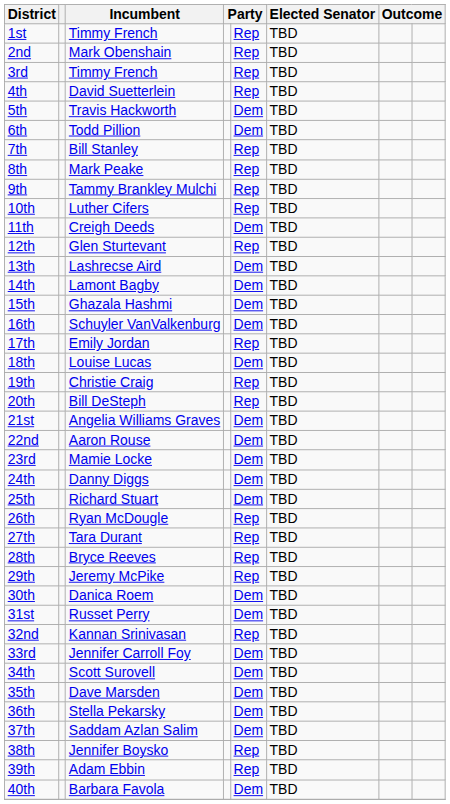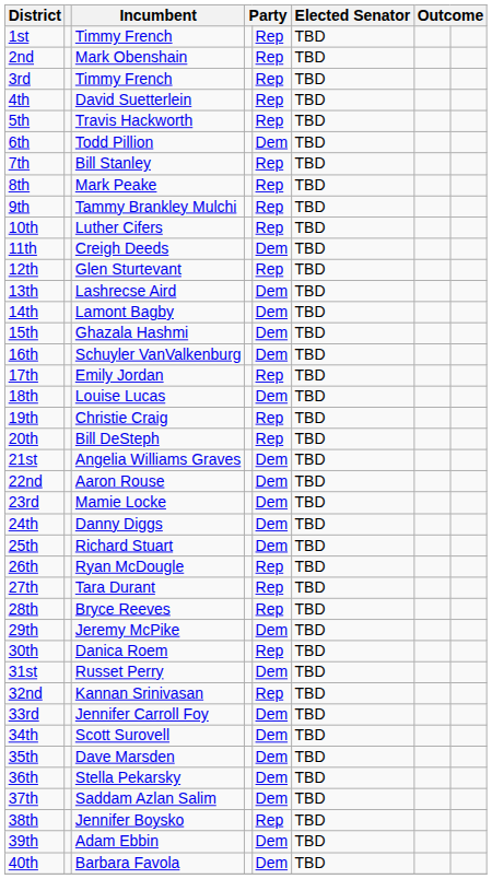 <table class="sortable wikitable" style="font-size:95%;line-height:14px;">
 <tr>
 <th>District</th>
 <th></th>
 <th>Incumbent</th>
 <th colspan="2">Party</th>
 <th>Elected Senator</th>
 <th colspan="2">Outcome</th>
 </tr>
 <tr>
 <td><a href='#'>1st</a></td>
 <td></td>
 <td><a href='#'>Timmy French</a></td>
 <td style="background:"></td>
 <td><a href='#'>Rep</a></td>
 <td>TBD</td>
 <td></td>
 <td></td>
 </tr>
 <tr>
 <td><a href='#'>2nd</a></td>
 <td></td>
 <td><a href='#'>Mark Obenshain</a></td>
 <td style="background:"></td>
 <td><a href='#'>Rep</a></td>
 <td>TBD</td>
 <td></td>
 <td></td>
 </tr>
 <tr>
 <td><a href='#'>3rd</a></td>
 <td></td>
 <td><a href='#'>Timmy French</a></td>
 <td style="background:"></td>
 <td><a href='#'>Rep</a></td>
 <td>TBD</td>
 <td></td>
 <td></td>
 </tr>
 <tr>
 <td><a href='#'>4th</a></td>
 <td></td>
 <td><a href='#'>David Suetterlein</a></td>
 <td style="background:"></td>
 <td><a href='#'>Rep</a></td>
 <td>TBD</td>
 <td></td>
 <td></td>
 </tr>
 <tr>
 <td><a href='#'>5th</a></td>
 <td></td>
 <td><a href='#'>Travis Hackworth</a></td>
 <td style="background:"></td>
-<td><a href='#'>Dem</a></td>
+<td><a href='#'>Rep</a></td>
 <td>TBD</td>
 <td></td>
 <td></td>
 </tr>
 <tr>
 <td><a href='#'>6th</a></td>
 <td></td>
 <td><a href='#'>Todd Pillion</a></td>
 <td style="background:"></td>
 <td><a href='#'>Dem</a></td>
 <td>TBD</td>
 <td></td>
 <td></td>
 </tr>
 <tr>
 <td><a href='#'>7th</a></td>
 <td></td>
 <td><a href='#'>Bill Stanley</a></td>
 <td style="background:"></td>
 <td><a href='#'>Rep</a></td>
 <td>TBD</td>
 <td></td>
 <td></td>
 </tr>
 <tr>
 <td><a href='#'>8th</a></td>
 <td></td>
 <td><a href='#'>Mark Peake</a></td>
 <td style="background:"></td>
 <td><a href='#'>Rep</a></td>
 <td>TBD</td>
 <td></td>
 <td></td>
 </tr>
 <tr>
 <td><a href='#'>9th</a></td>
 <td></td>
 <td><a href='#'>Tammy Brankley Mulchi</a></td>
 <td style="background:"></td>
 <td><a href='#'>Rep</a></td>
 <td>TBD</td>
 <td></td>
 <td></td>
 </tr>
 <tr>
 <td><a href='#'>10th</a></td>
 <td></td>
 <td><a href='#'>Luther Cifers</a></td>
 <td style="background:"></td>
 <td><a href='#'>Rep</a></td>
 <td>TBD</td>
 <td></td>
 <td></td>
 </tr>
 <tr>
 <td><a href='#'>11th</a></td>
 <td></td>
 <td><a href='#'>Creigh Deeds</a></td>
 <td style="background:"></td>
 <td><a href='#'>Dem</a></td>
 <td>TBD</td>
 <td></td>
 <td></td>
 </tr>
 <tr>
 <td><a href='#'>12th</a></td>
 <td></td>
 <td><a href='#'>Glen Sturtevant</a></td>
 <td style="background:"></td>
 <td><a href='#'>Rep</a></td>
 <td>TBD</td>
 <td></td>
 <td></td>
 </tr>
 <tr>
 <td><a href='#'>13th</a></td>
 <td></td>
 <td><a href='#'>Lashrecse Aird</a></td>
 <td style="background:"></td>
 <td><a href='#'>Dem</a></td>
 <td>TBD</td>
 <td></td>
 <td></td>
 </tr>
 <tr>
 <td><a href='#'>14th</a></td>
 <td></td>
 <td><a href='#'>Lamont Bagby</a></td>
 <td style="background:"></td>
 <td><a href='#'>Dem</a></td>
 <td>TBD</td>
 <td></td>
 <td></td>
 </tr>
 <tr>
 <td><a href='#'>15th</a></td>
 <td></td>
 <td><a href='#'>Ghazala Hashmi</a></td>
 <td style="background:"></td>
 <td><a href='#'>Dem</a></td>
 <td>TBD</td>
 <td></td>
 <td></td>
 </tr>
 <tr>
 <td><a href='#'>16th</a></td>
 <td></td>
 <td><a href='#'>Schuyler VanValkenburg</a></td>
 <td style="background:"></td>
 <td><a href='#'>Dem</a></td>
 <td>TBD</td>
 <td></td>
 <td></td>
 </tr>
 <tr>
 <td><a href='#'>17th</a></td>
 <td></td>
 <td><a href='#'>Emily Jordan</a></td>
 <td style="background:"></td>
 <td><a href='#'>Rep</a></td>
 <td>TBD</td>
 <td></td>
 <td></td>
 </tr>
 <tr>
 <td><a href='#'>18th</a></td>
 <td></td>
 <td><a href='#'>Louise Lucas</a></td>
 <td style="background:"></td>
 <td><a href='#'>Dem</a></td>
 <td>TBD</td>
 <td></td>
 <td></td>
 </tr>
 <tr>
 <td><a href='#'>19th</a></td>
 <td></td>
 <td><a href='#'>Christie Craig</a></td>
 <td style="background:"></td>
 <td><a href='#'>Rep</a></td>
 <td>TBD</td>
 <td></td>
 <td></td>
 </tr>
 <tr>
 <td><a href='#'>20th</a></td>
 <td></td>
 <td><a href='#'>Bill DeSteph</a></td>
 <td style="background:"></td>
 <td><a href='#'>Rep</a></td>
 <td>TBD</td>
 <td></td>
 <td></td>
 </tr>
 <tr>
 <td><a href='#'>21st</a></td>
 <td></td>
 <td><a href='#'>Angelia Williams Graves</a></td>
 <td style="background:"></td>
 <td><a href='#'>Dem</a></td>
 <td>TBD</td>
 <td></td>
 <td></td>
 </tr>
 <tr>
 <td><a href='#'>22nd</a></td>
 <td></td>
 <td><a href='#'>Aaron Rouse</a></td>
 <td style="background:"></td>
 <td><a href='#'>Dem</a></td>
 <td>TBD</td>
 <td></td>
 <td></td>
 </tr>
 <tr>
 <td><a href='#'>23rd</a></td>
 <td></td>
 <td><a href='#'>Mamie Locke</a></td>
 <td style="background:"></td>
 <td><a href='#'>Dem</a></td>
 <td>TBD</td>
 <td></td>
 <td></td>
 </tr>
 <tr>
 <td><a href='#'>24th</a></td>
 <td></td>
 <td><a href='#'>Danny Diggs</a></td>
 <td style="background:"></td>
 <td><a href='#'>Dem</a></td>
 <td>TBD</td>
 <td></td>
 <td></td>
 </tr>
 <tr>
 <td><a href='#'>25th</a></td>
 <td></td>
 <td><a href='#'>Richard Stuart</a></td>
 <td style="background:"></td>
 <td><a href='#'>Dem</a></td>
 <td>TBD</td>
 <td></td>
 <td></td>
 </tr>
 <tr>
 <td><a href='#'>26th</a></td>
 <td></td>
 <td><a href='#'>Ryan McDougle</a></td>
 <td style="background:"></td>
 <td><a href='#'>Rep</a></td>
 <td>TBD</td>
 <td></td>
 <td></td>
 </tr>
 <tr>
 <td><a href='#'>27th</a></td>
 <td></td>
 <td><a href='#'>Tara Durant</a></td>
 <td style="background:"></td>
 <td><a href='#'>Rep</a></td>
 <td>TBD</td>
 <td></td>
 <td></td>
 </tr>
 <tr>
 <td><a href='#'>28th</a></td>
 <td></td>
 <td><a href='#'>Bryce Reeves</a></td>
 <td style="background:"></td>
 <td><a href='#'>Rep</a></td>
 <td>TBD</td>
 <td></td>
 <td></td>
 </tr>
 <tr>
 <td><a href='#'>29th</a></td>
 <td></td>
 <td><a href='#'>Jeremy McPike</a></td>
 <td style="background:"></td>
-<td><a href='#'>Rep</a></td>
+<td><a href='#'>Dem</a></td>
 <td>TBD</td>
 <td></td>
 <td></td>
 </tr>
 <tr>
 <td><a href='#'>30th</a></td>
 <td></td>
 <td><a href='#'>Danica Roem</a></td>
 <td style="background:"></td>
-<td><a href='#'>Dem</a></td>
+<td><a href='#'>Rep</a></td>
 <td>TBD</td>
 <td></td>
 <td></td>
 </tr>
 <tr>
 <td><a href='#'>31st</a></td>
 <td></td>
 <td><a href='#'>Russet Perry</a></td>
 <td style="background:"></td>
 <td><a href='#'>Dem</a></td>
 <td>TBD</td>
 <td></td>
 <td></td>
 </tr>
 <tr>
 <td><a href='#'>32nd</a></td>
 <td></td>
 <td><a href='#'>Kannan Srinivasan</a></td>
 <td style="background:"></td>
 <td><a href='#'>Rep</a></td>
 <td>TBD</td>
 <td></td>
 <td></td>
 </tr>
 <tr>
 <td><a href='#'>33rd</a></td>
 <td></td>
 <td><a href='#'>Jennifer Carroll Foy</a></td>
 <td style="background:"></td>
 <td><a href='#'>Dem</a></td>
 <td>TBD</td>
 <td></td>
 <td></td>
 </tr>
 <tr>
 <td><a href='#'>34th</a></td>
 <td></td>
 <td><a href='#'>Scott Surovell</a></td>
 <td style="background:"></td>
 <td><a href='#'>Dem</a></td>
 <td>TBD</td>
 <td></td>
 <td></td>
 </tr>
 <tr>
 <td><a href='#'>35th</a></td>
 <td></td>
 <td><a href='#'>Dave Marsden</a></td>
 <td style="background:"></td>
 <td><a href='#'>Dem</a></td>
 <td>TBD</td>
 <td></td>
 <td></td>
 </tr>
 <tr>
 <td><a href='#'>36th</a></td>
 <td></td>
 <td><a href='#'>Stella Pekarsky</a></td>
 <td style="background:"></td>
 <td><a href='#'>Dem</a></td>
 <td>TBD</td>
 <td></td>
 <td></td>
 </tr>
 <tr>
 <td><a href='#'>37th</a></td>
 <td></td>
 <td><a href='#'>Saddam Azlan Salim</a></td>
 <td style="background:"></td>
 <td><a href='#'>Dem</a></td>
 <td>TBD</td>
 <td></td>
 <td></td>
 </tr>
 <tr>
 <td><a href='#'>38th</a></td>
 <td></td>
 <td><a href='#'>Jennifer Boysko</a></td>
 <td style="background:"></td>
 <td><a href='#'>Rep</a></td>
 <td>TBD</td>
 <td></td>
 <td></td>
 </tr>
 <tr>
 <td><a href='#'>39th</a></td>
 <td></td>
 <td><a href='#'>Adam Ebbin</a></td>
 <td style="background:"></td>
-<td><a href='#'>Rep</a></td>
+<td><a href='#'>Dem</a></td>
 <td>TBD</td>
 <td></td>
 <td></td>
 </tr>
 <tr>
 <td><a href='#'>40th</a></td>
 <td></td>
 <td><a href='#'>Barbara Favola</a></td>
 <td style="background:"></td>
 <td><a href='#'>Dem</a></td>
 <td>TBD</td>
 <td></td>
 <td></td>
 </tr>
 <tr>
 </tr>
 </table>
